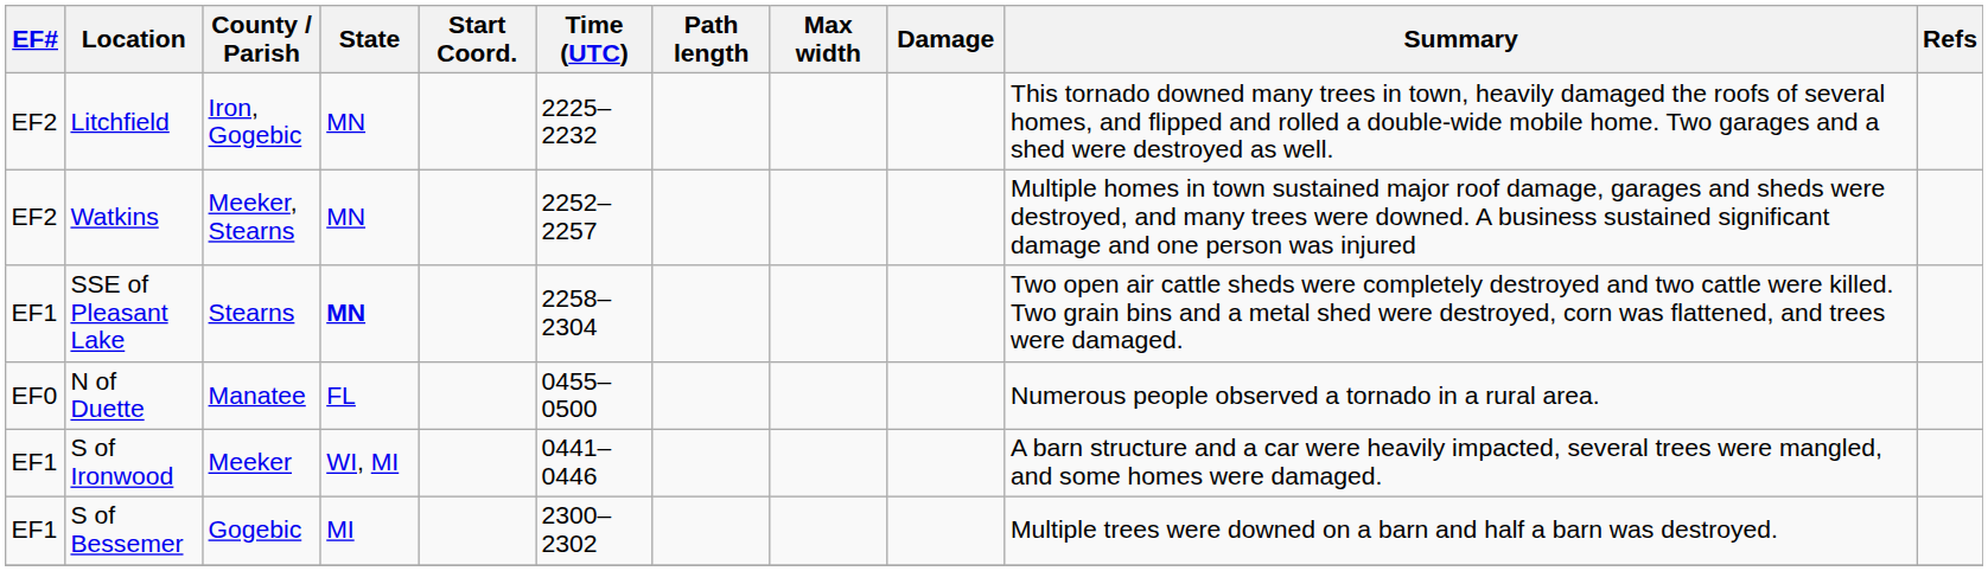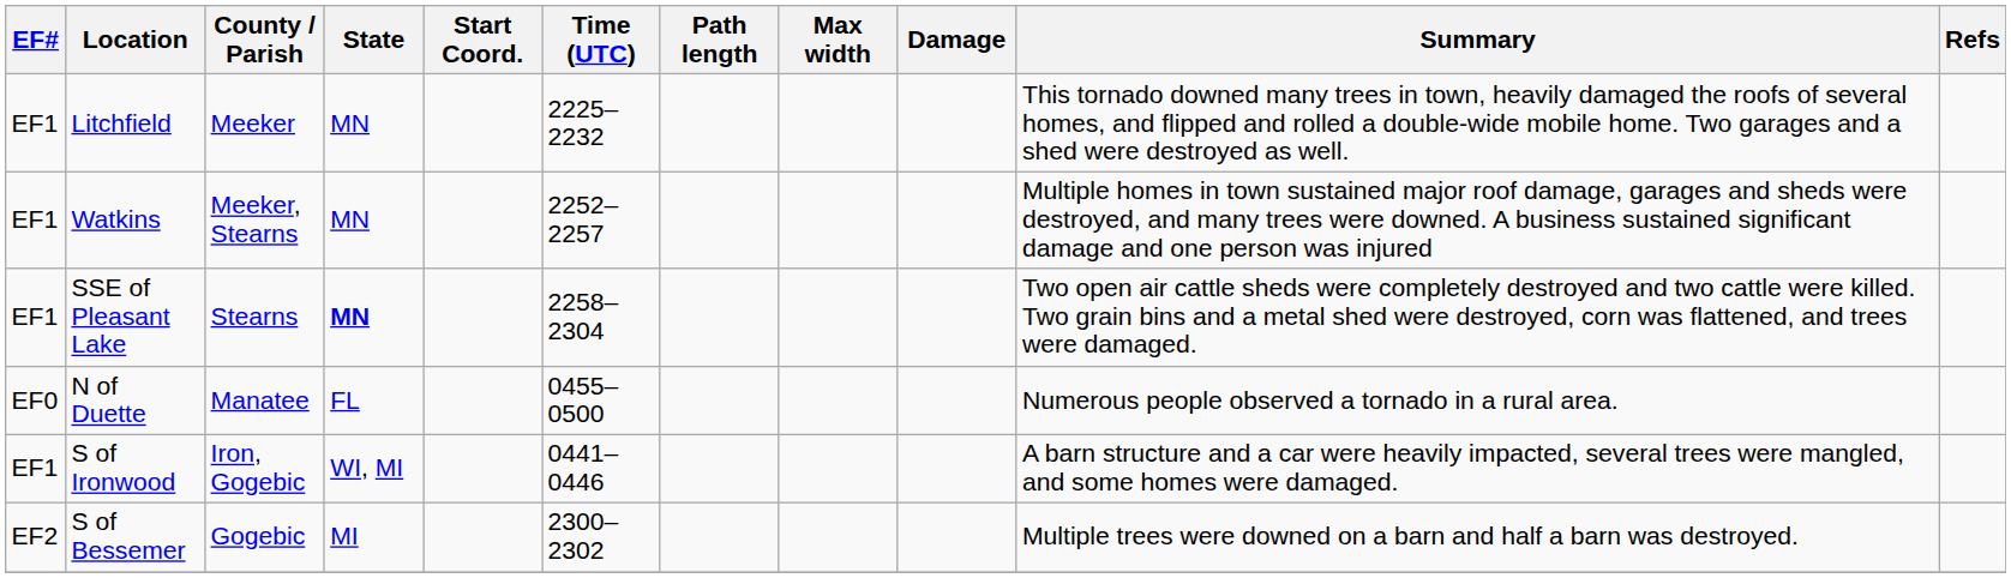 <table class="wikitable sortable" style="width:100%;">
 <tr>
 <th scope="col" width="3%" align="center"><a href='#'>EF#</a></th>
 <th scope="col" width="7%" align="center" class="unsortable">Location</th>
 <th scope="col" width="6%" align="center" class="unsortable">County / Parish</th>
 <th scope="col" width="5%" align="center">State</th>
 <th scope="col" width="6%" align="center">Start Coord.</th>
 <th scope="col" width="6%" align="center">Time (<a href='#'>UTC</a>)</th>
 <th scope="col" width="6%" align="center">Path length</th>
 <th scope="col" width="6%" align="center">Max width</th>
 <th scope="col" width="6%" align="center">Damage</th>
 <th scope="col" width="48%" class="unsortable" align="center">Summary</th>
 <th scope="col" width="48%" class="unsortable" align="center">Refs</th>
 </tr>
 <tr>
-<td>EF2</td>
+<td>EF1</td>
 <td><a href='#'>Litchfield</a></td>
-<td><a href='#'>Iron</a>, <a href='#'>Gogebic</a></td>
+<td><a href='#'>Meeker</a></td>
 <td><a href='#'>MN</a></td>
 <td></td>
 <td>2225–2232</td>
 <td></td>
 <td></td>
 <td></td>
 <td>This tornado downed many trees in town, heavily damaged the roofs of several homes, and flipped and rolled a double-wide mobile home. Two garages and a shed were destroyed as well.</td>
 <td></td>
 </tr>
 <tr>
-<td>EF2</td>
+<td>EF1</td>
 <td><a href='#'>Watkins</a></td>
 <td><a href='#'>Meeker</a>, <a href='#'>Stearns</a></td>
 <td><a href='#'>MN</a></td>
 <td></td>
 <td>2252–2257</td>
 <td></td>
 <td></td>
 <td></td>
 <td>Multiple homes in town sustained major roof damage, garages and sheds were destroyed, and many trees were downed. A business sustained significant damage and one person was injured</td>
 <td></td>
 </tr>
 <tr>
 <td>EF1</td>
 <td>SSE of <a href='#'>Pleasant Lake</a></td>
 <td><a href='#'>Stearns</a></td>
 <td><strong><a href='#'>MN</a></strong></td>
 <td></td>
 <td>2258–2304</td>
 <td></td>
 <td></td>
 <td></td>
 <td>Two open air cattle sheds were completely destroyed and two cattle were killed. Two grain bins and a metal shed were destroyed, corn was flattened, and trees were damaged.</td>
 <td></td>
 </tr>
 <tr>
 <td>EF0</td>
 <td>N of <a href='#'>Duette</a></td>
 <td><a href='#'>Manatee</a></td>
 <td><a href='#'>FL</a></td>
 <td></td>
 <td>0455–0500</td>
 <td></td>
 <td></td>
 <td></td>
 <td>Numerous people observed a tornado in a rural area.</td>
 <td></td>
 </tr>
 <tr>
 <td>EF1</td>
 <td>S of <a href='#'>Ironwood</a></td>
-<td><a href='#'>Meeker</a></td>
+<td><a href='#'>Iron</a>, <a href='#'>Gogebic</a></td>
 <td><a href='#'>WI</a>, <a href='#'>MI</a></td>
 <td></td>
 <td>0441–0446</td>
 <td></td>
 <td></td>
 <td></td>
 <td>A barn structure and a car were heavily impacted, several trees were mangled, and some homes were damaged.</td>
 <td></td>
 </tr>
 <tr>
-<td>EF1</td>
+<td>EF2</td>
 <td>S of <a href='#'>Bessemer</a></td>
 <td><a href='#'>Gogebic</a></td>
 <td><a href='#'>MI</a></td>
 <td></td>
 <td>2300–2302</td>
 <td></td>
 <td></td>
 <td></td>
 <td>Multiple trees were downed on a barn and half a barn was destroyed.</td>
 <td></td>
 </tr>
 <tr>
 </tr>
 </table>
